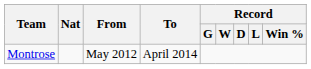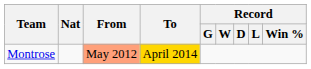 <table class="wikitable" style="text-align: center">
 <tr>
 <th rowspan="2">Team</th>
 <th rowspan="2">Nat</th>
 <th rowspan="2">From</th>
 <th rowspan="2">To</th>
 <th colspan="5">Record</th>
 </tr>
 <tr>
 <th>G</th>
 <th>W</th>
 <th>D</th>
 <th>L</th>
 <th>Win %</th>
 </tr>
 <tr>
 <td align=left><a href='#'>Montrose</a></td>
 <td></td>
-<td align=left>May 2012</td>
-<td align=left>April 2014<br></td>
+<td align=left style="background: lightsalmon;">May 2012</td>
+<td align=left style="background: gold;">April 2014<br></td>
 </tr>
 </table>
